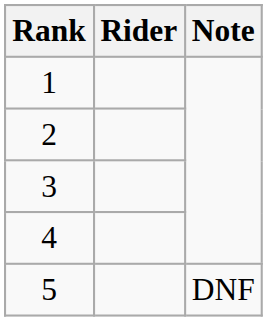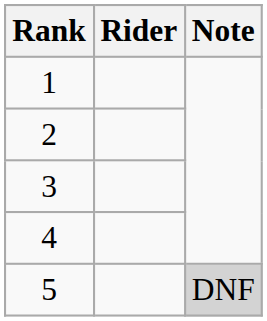 <table class="wikitable" style="font-size:95%" style="width:25em;">
 <tr>
 <th>Rank</th>
 <th>Rider</th>
 <th>Note</th>
 </tr>
 <tr>
 <td align=center>1</td>
 <td></td>
 </tr>
 <tr>
 <td align=center>2</td>
 <td></td>
 </tr>
 <tr>
 <td align=center>3</td>
 <td></td>
 </tr>
 <tr>
 <td align=center>4</td>
 <td></td>
 </tr>
 <tr>
 <td align=center>5</td>
 <td></td>
-<td>DNF</td>
+<td style="background: lightgrey;">DNF</td>
 </tr>
 </table>
